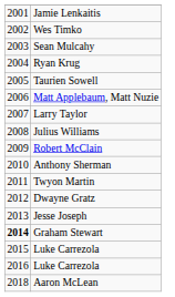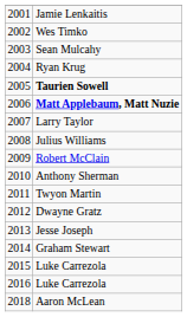 <table class="wikitable">
 <tr>
 </tr>
 <tr>
 <td>2001</td>
 <td>Jamie Lenkaitis</td>
 </tr>
 <tr>
 <td>2002</td>
 <td>Wes Timko</td>
 </tr>
 <tr>
 <td>2003</td>
 <td>Sean Mulcahy</td>
 </tr>
 <tr>
 <td>2004</td>
 <td>Ryan Krug</td>
 </tr>
 <tr>
 <td>2005</td>
-<td>Taurien Sowell</td>
+<td><strong>Taurien Sowell</strong></td>
 </tr>
 <tr>
 <td>2006</td>
-<td><a href='#'>Matt Applebaum</a>, Matt Nuzie</td>
+<td><strong><a href='#'>Matt Applebaum</a>, Matt Nuzie</strong></td>
 </tr>
 <tr>
 <td>2007</td>
 <td>Larry Taylor</td>
 </tr>
 <tr>
 <td>2008</td>
 <td>Julius Williams</td>
 </tr>
 <tr>
 <td>2009</td>
 <td><a href='#'>Robert McClain</a></td>
 </tr>
 <tr>
 <td>2010</td>
 <td>Anthony Sherman</td>
 </tr>
 <tr>
 <td>2011</td>
 <td>Twyon Martin</td>
 </tr>
 <tr>
 <td>2012</td>
 <td>Dwayne Gratz</td>
 </tr>
 <tr>
 <td>2013</td>
 <td>Jesse Joseph</td>
 </tr>
 <tr>
-<td><strong>2014</strong></td>
+<td>2014</td>
 <td>Graham Stewart</td>
 </tr>
 <tr>
 <td>2015</td>
 <td>Luke Carrezola</td>
 </tr>
 <tr>
 <td>2016</td>
 <td>Luke Carrezola</td>
 </tr>
 <tr>
 <td>2018</td>
 <td>Aaron McLean</td>
 </tr>
 </table>
